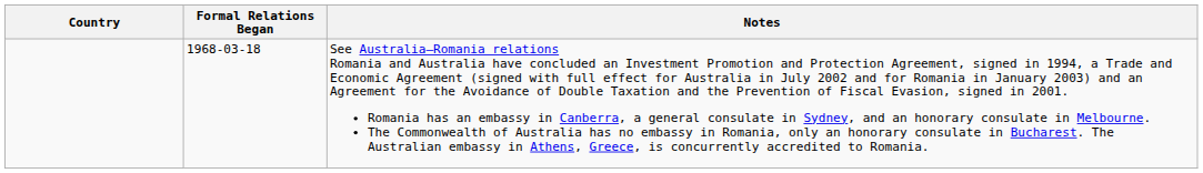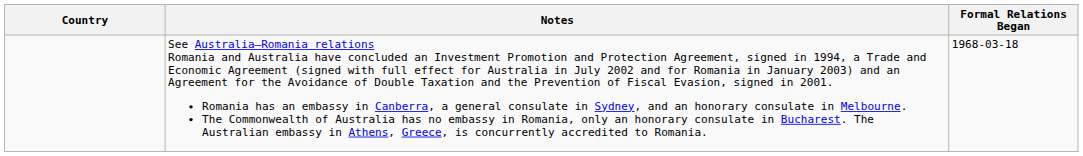 <table class="wikitable sortable" style="width:100%; margin:auto;">
 <tr>
 <th style="width:15%;">Country</th>
+<th>Notes</th>
 <th style="width:12%;">Formal Relations Began</th>
-<th>Notes</th>
 </tr>
 <tr valign="top">
 <td></td>
+<td>See <a href='#'>Australia–Romania relations</a><br>Romania and Australia have concluded an Investment Promotion and Protection Agreement, signed in 1994, a Trade and Economic Agreement (signed with full effect for Australia in July 2002 and for Romania in January 2003) and an Agreement for the Avoidance of Double Taxation and the Prevention of Fiscal Evasion, signed in 2001.<ul><li>Romania has an embassy in <a href='#'>Canberra</a>, a general consulate in <a href='#'>Sydney</a>, and an honorary consulate in <a href='#'>Melbourne</a>.</li><li>The Commonwealth of Australia has no embassy in Romania, only an honorary consulate in <a href='#'>Bucharest</a>. The Australian embassy in <a href='#'>Athens</a>, <a href='#'>Greece</a>, is concurrently accredited to Romania.</li></ul></td>
 <td>1968-03-18</td>
-<td>See <a href='#'>Australia–Romania relations</a><br>Romania and Australia have concluded an Investment Promotion and Protection Agreement, signed in 1994, a Trade and Economic Agreement (signed with full effect for Australia in July 2002 and for Romania in January 2003) and an Agreement for the Avoidance of Double Taxation and the Prevention of Fiscal Evasion, signed in 2001.<ul><li>Romania has an embassy in <a href='#'>Canberra</a>, a general consulate in <a href='#'>Sydney</a>, and an honorary consulate in <a href='#'>Melbourne</a>.</li><li>The Commonwealth of Australia has no embassy in Romania, only an honorary consulate in <a href='#'>Bucharest</a>. The Australian embassy in <a href='#'>Athens</a>, <a href='#'>Greece</a>, is concurrently accredited to Romania.</li></ul></td>
 </tr>
 </table>
